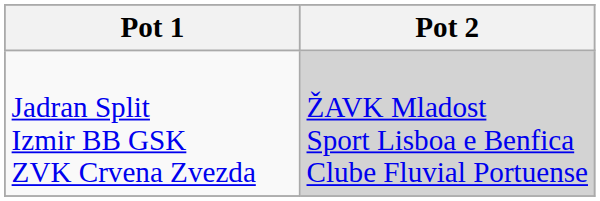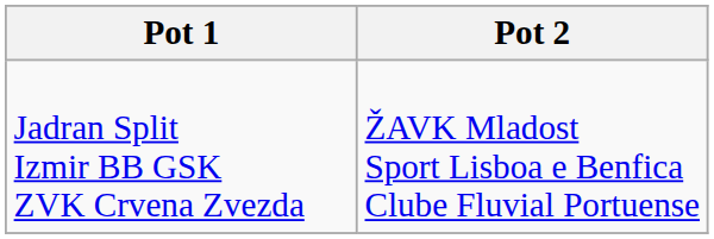 <table class="wikitable collapsible">
 <tr>
 <th width=50%>Pot 1</th>
 <th width=50%>Pot 2</th>
 </tr>
 <tr>
 <td><br> <a href='#'>Jadran Split</a> <br>  <a href='#'>Izmir BB GSK</a><br>  <a href='#'>ZVK Crvena Zvezda</a></td>
-<td style="background: lightgrey;"><br> <a href='#'>ŽAVK Mladost</a><br>  <a href='#'>Sport Lisboa e Benfica</a><br>  <a href='#'>Clube Fluvial Portuense</a></td>
+<td><br> <a href='#'>ŽAVK Mladost</a><br>  <a href='#'>Sport Lisboa e Benfica</a><br>  <a href='#'>Clube Fluvial Portuense</a></td>
 </tr>
 </table>
